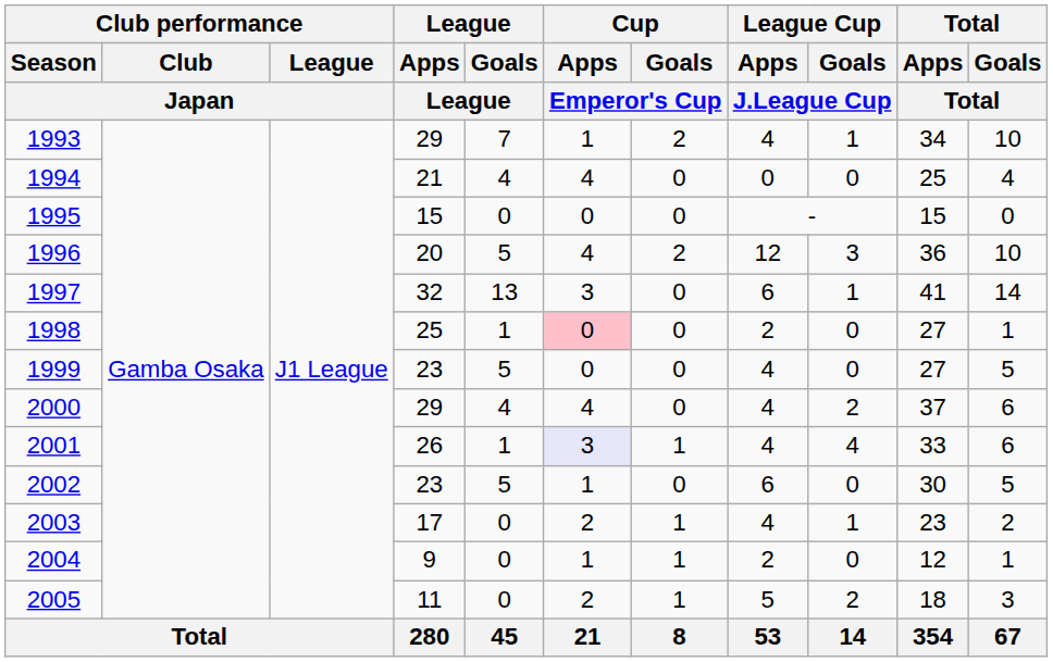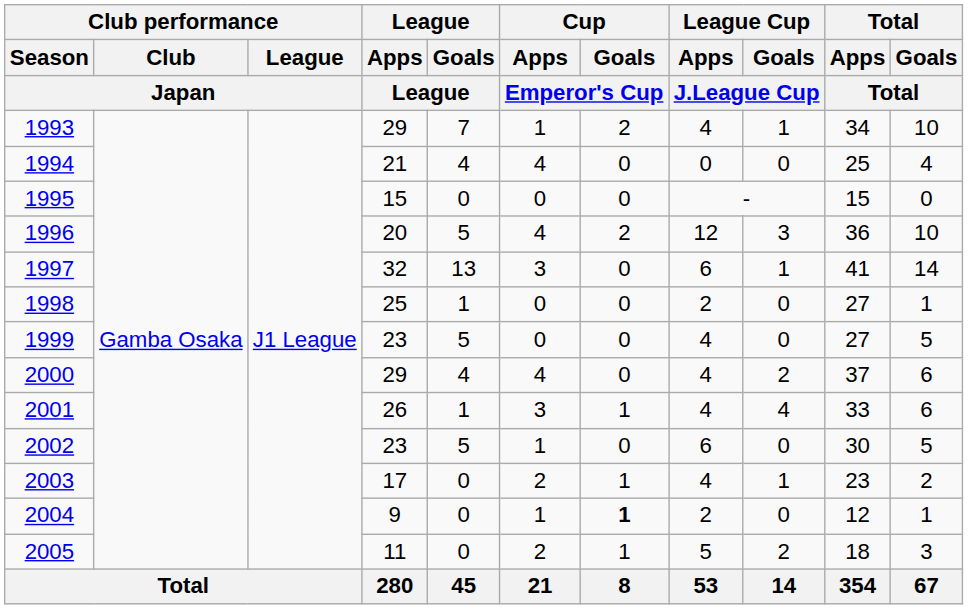 <table class="wikitable" style="text-align:center;">
 <tr>
 <th colspan=3>Club performance</th>
 <th colspan=2>League</th>
 <th colspan=2>Cup</th>
 <th colspan=2>League Cup</th>
 <th colspan=2>Total</th>
 </tr>
 <tr>
 <th>Season</th>
 <th>Club</th>
 <th>League</th>
 <th>Apps</th>
 <th>Goals</th>
 <th>Apps</th>
 <th>Goals</th>
 <th>Apps</th>
 <th>Goals</th>
 <th>Apps</th>
 <th>Goals</th>
 </tr>
 <tr>
 <th colspan=3>Japan</th>
 <th colspan=2>League</th>
 <th colspan=2><a href='#'>Emperor's Cup</a></th>
 <th colspan=2><a href='#'>J.League Cup</a></th>
 <th colspan=2>Total</th>
 </tr>
 <tr>
 <td><a href='#'>1993</a></td>
 <td rowspan="13"><a href='#'>Gamba Osaka</a></td>
 <td rowspan="13"><a href='#'>J1 League</a></td>
 <td>29</td>
 <td>7</td>
 <td>1</td>
 <td>2</td>
 <td>4</td>
 <td>1</td>
 <td>34</td>
 <td>10</td>
 </tr>
 <tr>
 <td><a href='#'>1994</a></td>
 <td>21</td>
 <td>4</td>
 <td>4</td>
 <td>0</td>
 <td>0</td>
 <td>0</td>
 <td>25</td>
 <td>4</td>
 </tr>
 <tr>
 <td><a href='#'>1995</a></td>
 <td>15</td>
 <td>0</td>
 <td>0</td>
 <td>0</td>
 <td colspan="2">-</td>
 <td>15</td>
 <td>0</td>
 </tr>
 <tr>
 <td><a href='#'>1996</a></td>
 <td>20</td>
 <td>5</td>
 <td>4</td>
 <td>2</td>
 <td>12</td>
 <td>3</td>
 <td>36</td>
 <td>10</td>
 </tr>
 <tr>
 <td><a href='#'>1997</a></td>
 <td>32</td>
 <td>13</td>
 <td>3</td>
 <td>0</td>
 <td>6</td>
 <td>1</td>
 <td>41</td>
 <td>14</td>
 </tr>
 <tr>
 <td><a href='#'>1998</a></td>
 <td>25</td>
 <td>1</td>
-<td style="background: pink;">0</td>
+<td>0</td>
 <td>0</td>
 <td>2</td>
 <td>0</td>
 <td>27</td>
 <td>1</td>
 </tr>
 <tr>
 <td><a href='#'>1999</a></td>
 <td>23</td>
 <td>5</td>
 <td>0</td>
 <td>0</td>
 <td>4</td>
 <td>0</td>
 <td>27</td>
 <td>5</td>
 </tr>
 <tr>
 <td><a href='#'>2000</a></td>
 <td>29</td>
 <td>4</td>
 <td>4</td>
 <td>0</td>
 <td>4</td>
 <td>2</td>
 <td>37</td>
 <td>6</td>
 </tr>
 <tr>
 <td><a href='#'>2001</a></td>
 <td>26</td>
 <td>1</td>
-<td style="background: lavender;">3</td>
+<td>3</td>
 <td>1</td>
 <td>4</td>
 <td>4</td>
 <td>33</td>
 <td>6</td>
 </tr>
 <tr>
 <td><a href='#'>2002</a></td>
 <td>23</td>
 <td>5</td>
 <td>1</td>
 <td>0</td>
 <td>6</td>
 <td>0</td>
 <td>30</td>
 <td>5</td>
 </tr>
 <tr>
 <td><a href='#'>2003</a></td>
 <td>17</td>
 <td>0</td>
 <td>2</td>
 <td>1</td>
 <td>4</td>
 <td>1</td>
 <td>23</td>
 <td>2</td>
 </tr>
 <tr>
 <td><a href='#'>2004</a></td>
 <td>9</td>
 <td>0</td>
 <td>1</td>
-<td>1</td>
+<td><strong>1</strong></td>
 <td>2</td>
 <td>0</td>
 <td>12</td>
 <td>1</td>
 </tr>
 <tr>
 <td><a href='#'>2005</a></td>
 <td>11</td>
 <td>0</td>
 <td>2</td>
 <td>1</td>
 <td>5</td>
 <td>2</td>
 <td>18</td>
 <td>3</td>
 </tr>
 <tr>
 <th colspan=3>Total</th>
 <th>280</th>
 <th>45</th>
 <th>21</th>
 <th>8</th>
 <th>53</th>
 <th>14</th>
 <th>354</th>
 <th>67</th>
 </tr>
 </table>
